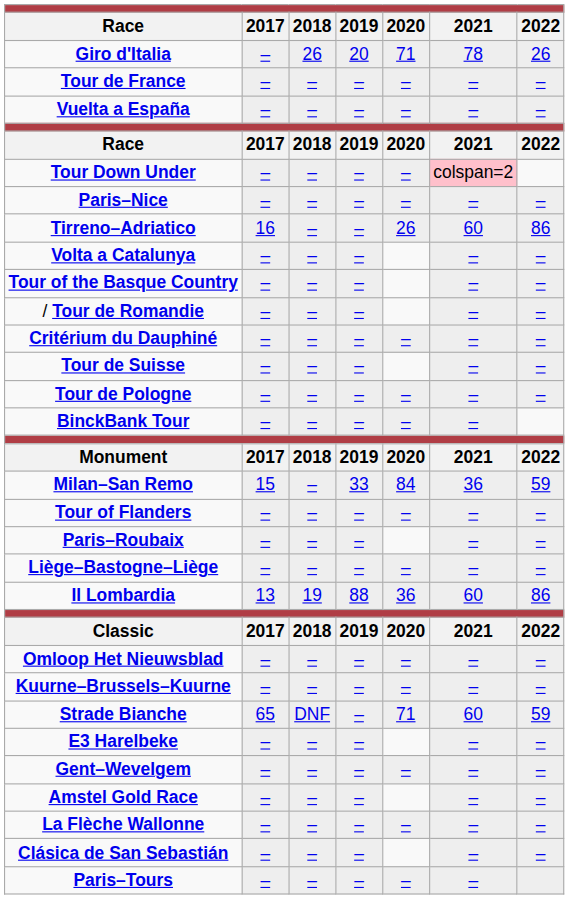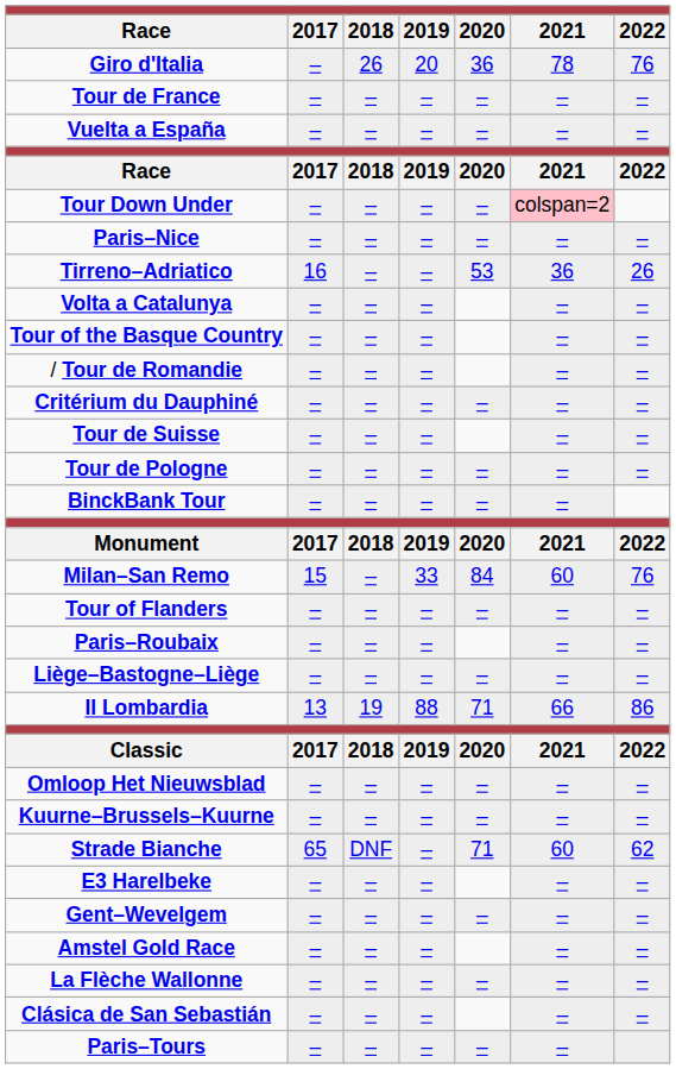 <table class="wikitable">
 <tr style="background:#eee;">
 <td style="background:#b03d45;" colspan=35><strong></strong></td>
 </tr>
 <tr>
 <th>Race</th>
 <th>2017</th>
 <th>2018</th>
 <th>2019</th>
 <th>2020</th>
 <th>2021</th>
 <th>2022</th>
 </tr>
 <tr align="center">
 <td> <strong><a href='#'>Giro d'Italia</a></strong></td>
 <td style="background:#eee;"><a href='#'>–</a></td>
 <td style="background:#eee;"><a href='#'>26</a></td>
 <td style="background:#eee;"><a href='#'>20</a></td>
-<td style="background:#eee;"><a href='#'>71</a></td>
+<td style="background:#eee;"><a href='#'>36</a></td>
 <td style="background:#eee;"><a href='#'>78</a></td>
-<td style="background:#eee;"><a href='#'>26</a></td>
+<td style="background:#eee;"><a href='#'>76</a></td>
 </tr>
 <tr align="center">
 <td> <strong><a href='#'>Tour de France</a></strong></td>
 <td style="background:#eee;"><a href='#'>–</a></td>
 <td style="background:#eee;"><a href='#'>–</a></td>
 <td style="background:#eee;"><a href='#'>–</a></td>
 <td style="background:#eee;"><a href='#'>–</a></td>
 <td style="background:#eee;"><a href='#'>–</a></td>
 <td style="background:#eee;"><a href='#'>–</a></td>
 </tr>
 <tr align="center">
 <td> <strong><a href='#'>Vuelta a España</a></strong></td>
 <td style="background:#eee;"><a href='#'>–</a></td>
 <td style="background:#eee;"><a href='#'>–</a></td>
 <td style="background:#eee;"><a href='#'>–</a></td>
 <td style="background:#eee;"><a href='#'>–</a></td>
 <td style="background:#eee;"><a href='#'>–</a></td>
 <td style="background:#eee;"><a href='#'>–</a></td>
 </tr>
 <tr>
 <td style="background:#b03d45;" colspan=35><strong></strong></td>
 </tr>
 <tr>
 <th>Race</th>
 <th>2017</th>
 <th>2018</th>
 <th>2019</th>
 <th>2020</th>
 <th>2021</th>
 <th>2022</th>
 </tr>
 <tr align="center">
 <td> <strong><a href='#'>Tour Down Under</a></strong></td>
 <td style="background:#eee;"><a href='#'>–</a></td>
 <td style="background:#eee;"><a href='#'>–</a></td>
 <td style="background:#eee;"><a href='#'>–</a></td>
 <td style="background:#eee;"><a href='#'>–</a></td>
 <td style="background: pink;">colspan=2 </td>
 </tr>
 <tr align="center">
 <td> <strong><a href='#'>Paris–Nice</a></strong></td>
 <td style="background:#eee;"><a href='#'>–</a></td>
 <td style="background:#eee;"><a href='#'>–</a></td>
 <td style="background:#eee;"><a href='#'>–</a></td>
 <td style="background:#eee;"><a href='#'>–</a></td>
 <td style="background:#eee;"><a href='#'>–</a></td>
 <td style="background:#eee;"><a href='#'>–</a></td>
 </tr>
 <tr align="center">
 <td> <strong><a href='#'>Tirreno–Adriatico</a></strong></td>
 <td style="background:#eee;"><a href='#'>16</a></td>
 <td style="background:#eee;"><a href='#'>–</a></td>
 <td style="background:#eee;"><a href='#'>–</a></td>
+<td style="background:#eee;"><a href='#'>53</a></td>
+<td style="background:#eee;"><a href='#'>36</a></td>
 <td style="background:#eee;"><a href='#'>26</a></td>
-<td style="background:#eee;"><a href='#'>60</a></td>
-<td style="background:#eee;"><a href='#'>86</a></td>
 </tr>
 <tr align="center">
 <td> <strong><a href='#'>Volta a Catalunya</a></strong></td>
 <td style="background:#eee;"><a href='#'>–</a></td>
 <td style="background:#eee;"><a href='#'>–</a></td>
 <td style="background:#eee;"><a href='#'>–</a></td>
 <td></td>
 <td style="background:#eee;"><a href='#'>–</a></td>
 <td style="background:#eee;"><a href='#'>–</a></td>
 </tr>
 <tr align="center">
 <td> <strong><a href='#'>Tour of the Basque Country</a></strong></td>
 <td style="background:#eee;"><a href='#'>–</a></td>
 <td style="background:#eee;"><a href='#'>–</a></td>
 <td style="background:#eee;"><a href='#'>–</a></td>
 <td></td>
 <td style="background:#eee;"><a href='#'>–</a></td>
 <td style="background:#eee;"><a href='#'>–</a></td>
 </tr>
 <tr align="center">
 <td>/ <strong><a href='#'>Tour de Romandie</a></strong></td>
 <td style="background:#eee;"><a href='#'>–</a></td>
 <td style="background:#eee;"><a href='#'>–</a></td>
 <td style="background:#eee;"><a href='#'>–</a></td>
 <td></td>
 <td style="background:#eee;"><a href='#'>–</a></td>
 <td style="background:#eee;"><a href='#'>–</a></td>
 </tr>
 <tr align="center">
 <td> <strong><a href='#'>Critérium du Dauphiné</a></strong></td>
 <td style="background:#eee;"><a href='#'>–</a></td>
 <td style="background:#eee;"><a href='#'>–</a></td>
 <td style="background:#eee;"><a href='#'>–</a></td>
 <td style="background:#eee;"><a href='#'>–</a></td>
 <td style="background:#eee;"><a href='#'>–</a></td>
 <td style="background:#eee;"><a href='#'>–</a></td>
 </tr>
 <tr align="center">
 <td> <strong><a href='#'>Tour de Suisse</a></strong></td>
 <td style="background:#eee;"><a href='#'>–</a></td>
 <td style="background:#eee;"><a href='#'>–</a></td>
 <td style="background:#eee;"><a href='#'>–</a></td>
 <td></td>
 <td style="background:#eee;"><a href='#'>–</a></td>
 <td style="background:#eee;"><a href='#'>–</a></td>
 </tr>
 <tr align="center">
 <td> <strong><a href='#'>Tour de Pologne</a></strong></td>
 <td style="background:#eee;"><a href='#'>–</a></td>
 <td style="background:#eee;"><a href='#'>–</a></td>
 <td style="background:#eee;"><a href='#'>–</a></td>
 <td style="background:#eee;"><a href='#'>–</a></td>
 <td style="background:#eee;"><a href='#'>–</a></td>
 <td style="background:#eee;"><a href='#'>–</a></td>
 </tr>
 <tr align="center">
 <td> <strong><a href='#'>BinckBank Tour</a></strong></td>
 <td style="background:#eee;"><a href='#'>–</a></td>
 <td style="background:#eee;"><a href='#'>–</a></td>
 <td style="background:#eee;"><a href='#'>–</a></td>
 <td style="background:#eee;"><a href='#'>–</a></td>
 <td style="background:#eee;"><a href='#'>–</a></td>
 <td></td>
 </tr>
 <tr>
 <td style="background:#b03d45;" colspan=35><strong></strong></td>
 </tr>
 <tr>
 <th>Monument</th>
 <th>2017</th>
 <th>2018</th>
 <th>2019</th>
 <th>2020</th>
 <th>2021</th>
 <th>2022</th>
 </tr>
 <tr align="center">
 <td><strong><a href='#'>Milan–San Remo</a></strong></td>
 <td style="background:#eee;"><a href='#'>15</a></td>
 <td style="background:#eee;"><a href='#'>–</a></td>
 <td style="background:#eee;"><a href='#'>33</a></td>
 <td style="background:#eee;"><a href='#'>84</a></td>
-<td style="background:#eee;"><a href='#'>36</a></td>
-<td style="background:#eee;"><a href='#'>59</a></td>
+<td style="background:#eee;"><a href='#'>60</a></td>
+<td style="background:#eee;"><a href='#'>76</a></td>
 </tr>
 <tr align="center">
 <td><strong><a href='#'>Tour of Flanders</a></strong></td>
 <td style="background:#eee;"><a href='#'>–</a></td>
 <td style="background:#eee;"><a href='#'>–</a></td>
 <td style="background:#eee;"><a href='#'>–</a></td>
 <td style="background:#eee;"><a href='#'>–</a></td>
 <td style="background:#eee;"><a href='#'>–</a></td>
 <td style="background:#eee;"><a href='#'>–</a></td>
 </tr>
 <tr align="center">
 <td><strong><a href='#'>Paris–Roubaix</a></strong></td>
 <td style="background:#eee;"><a href='#'>–</a></td>
 <td style="background:#eee;"><a href='#'>–</a></td>
 <td style="background:#eee;"><a href='#'>–</a></td>
 <td></td>
 <td style="background:#eee;"><a href='#'>–</a></td>
 <td style="background:#eee;"><a href='#'>–</a></td>
 </tr>
 <tr align="center">
 <td><strong><a href='#'>Liège–Bastogne–Liège</a></strong></td>
 <td style="background:#eee;"><a href='#'>–</a></td>
 <td style="background:#eee;"><a href='#'>–</a></td>
 <td style="background:#eee;"><a href='#'>–</a></td>
 <td style="background:#eee;"><a href='#'>–</a></td>
 <td style="background:#eee;"><a href='#'>–</a></td>
 <td style="background:#eee;"><a href='#'>–</a></td>
 </tr>
 <tr align="center">
 <td><strong><a href='#'>Il Lombardia</a></strong></td>
 <td style="background:#eee;"><a href='#'>13</a></td>
 <td style="background:#eee;"><a href='#'>19</a></td>
 <td style="background:#eee;"><a href='#'>88</a></td>
-<td style="background:#eee;"><a href='#'>36</a></td>
-<td style="background:#eee;"><a href='#'>60</a></td>
+<td style="background:#eee;"><a href='#'>71</a></td>
+<td style="background:#eee;"><a href='#'>66</a></td>
 <td style="background:#eee;"><a href='#'>86</a></td>
 </tr>
 <tr>
 <td style="background:#b03d45;" colspan=35><strong></strong></td>
 </tr>
 <tr>
 <th>Classic</th>
 <th>2017</th>
 <th>2018</th>
 <th>2019</th>
 <th>2020</th>
 <th>2021</th>
 <th>2022</th>
 </tr>
 <tr align="center">
 <td><strong><a href='#'>Omloop Het Nieuwsblad</a></strong></td>
 <td style="background:#eee;"><a href='#'>–</a></td>
 <td style="background:#eee;"><a href='#'>–</a></td>
 <td style="background:#eee;"><a href='#'>–</a></td>
 <td style="background:#eee;"><a href='#'>–</a></td>
 <td style="background:#eee;"><a href='#'>–</a></td>
 <td style="background:#eee;"><a href='#'>–</a></td>
 </tr>
 <tr align="center">
 <td><strong><a href='#'>Kuurne–Brussels–Kuurne</a></strong></td>
 <td style="background:#eee;"><a href='#'>–</a></td>
 <td style="background:#eee;"><a href='#'>–</a></td>
 <td style="background:#eee;"><a href='#'>–</a></td>
 <td style="background:#eee;"><a href='#'>–</a></td>
 <td style="background:#eee;"><a href='#'>–</a></td>
 <td style="background:#eee;"><a href='#'>–</a></td>
 </tr>
 <tr align="center">
 <td><strong><a href='#'>Strade Bianche</a></strong></td>
 <td style="background:#eee;"><a href='#'>65</a></td>
 <td style="background:#eee;"><a href='#'>DNF</a></td>
 <td style="background:#eee;"><a href='#'>–</a></td>
 <td style="background:#eee;"><a href='#'>71</a></td>
 <td style="background:#eee;"><a href='#'>60</a></td>
-<td style="background:#eee;"><a href='#'>59</a></td>
+<td style="background:#eee;"><a href='#'>62</a></td>
 </tr>
 <tr align="center">
 <td><strong><a href='#'>E3 Harelbeke</a></strong></td>
 <td style="background:#eee;"><a href='#'>–</a></td>
 <td style="background:#eee;"><a href='#'>–</a></td>
 <td style="background:#eee;"><a href='#'>–</a></td>
 <td></td>
 <td style="background:#eee;"><a href='#'>–</a></td>
 <td style="background:#eee;"><a href='#'>–</a></td>
 </tr>
 <tr align="center">
 <td><strong><a href='#'>Gent–Wevelgem</a></strong></td>
 <td style="background:#eee;"><a href='#'>–</a></td>
 <td style="background:#eee;"><a href='#'>–</a></td>
 <td style="background:#eee;"><a href='#'>–</a></td>
 <td style="background:#eee;"><a href='#'>–</a></td>
 <td style="background:#eee;"><a href='#'>–</a></td>
 <td style="background:#eee;"><a href='#'>–</a></td>
 </tr>
 <tr align="center">
 <td><strong><a href='#'>Amstel Gold Race</a></strong></td>
 <td style="background:#eee;"><a href='#'>–</a></td>
 <td style="background:#eee;"><a href='#'>–</a></td>
 <td style="background:#eee;"><a href='#'>–</a></td>
 <td></td>
 <td style="background:#eee;"><a href='#'>–</a></td>
 <td style="background:#eee;"><a href='#'>–</a></td>
 </tr>
 <tr align="center">
 <td><strong><a href='#'>La Flèche Wallonne</a></strong></td>
 <td style="background:#eee;"><a href='#'>–</a></td>
 <td style="background:#eee;"><a href='#'>–</a></td>
 <td style="background:#eee;"><a href='#'>–</a></td>
 <td style="background:#eee;"><a href='#'>–</a></td>
 <td style="background:#eee;"><a href='#'>–</a></td>
 <td style="background:#eee;"><a href='#'>–</a></td>
 </tr>
 <tr align="center">
 <td><strong><a href='#'>Clásica de San Sebastián</a></strong></td>
 <td style="background:#eee;"><a href='#'>–</a></td>
 <td style="background:#eee;"><a href='#'>–</a></td>
 <td style="background:#eee;"><a href='#'>–</a></td>
 <td></td>
 <td style="background:#eee;"><a href='#'>–</a></td>
 <td style="background:#eee;"><a href='#'>–</a></td>
 </tr>
 <tr align="center">
 <td><strong><a href='#'>Paris–Tours</a></strong></td>
 <td style="background:#eee;"><a href='#'>–</a></td>
 <td style="background:#eee;"><a href='#'>–</a></td>
 <td style="background:#eee;"><a href='#'>–</a></td>
 <td style="background:#eee;"><a href='#'>–</a></td>
 <td style="background:#eee;"><a href='#'>–</a></td>
 <td style="background:#eee;"><a href='#'></a></td>
 </tr>
 </table>
